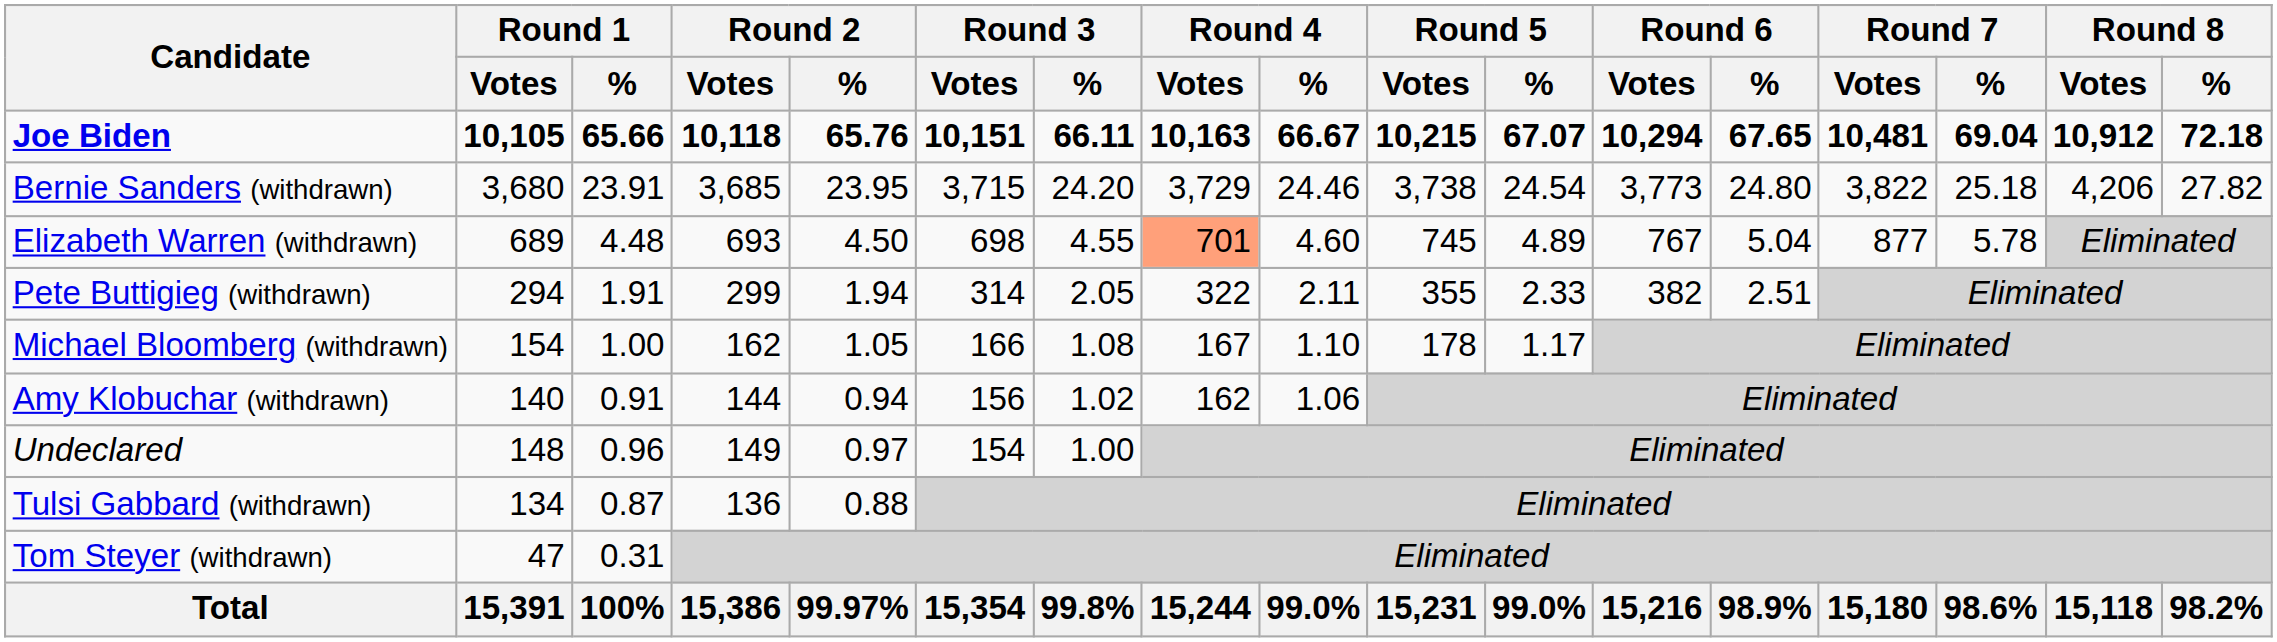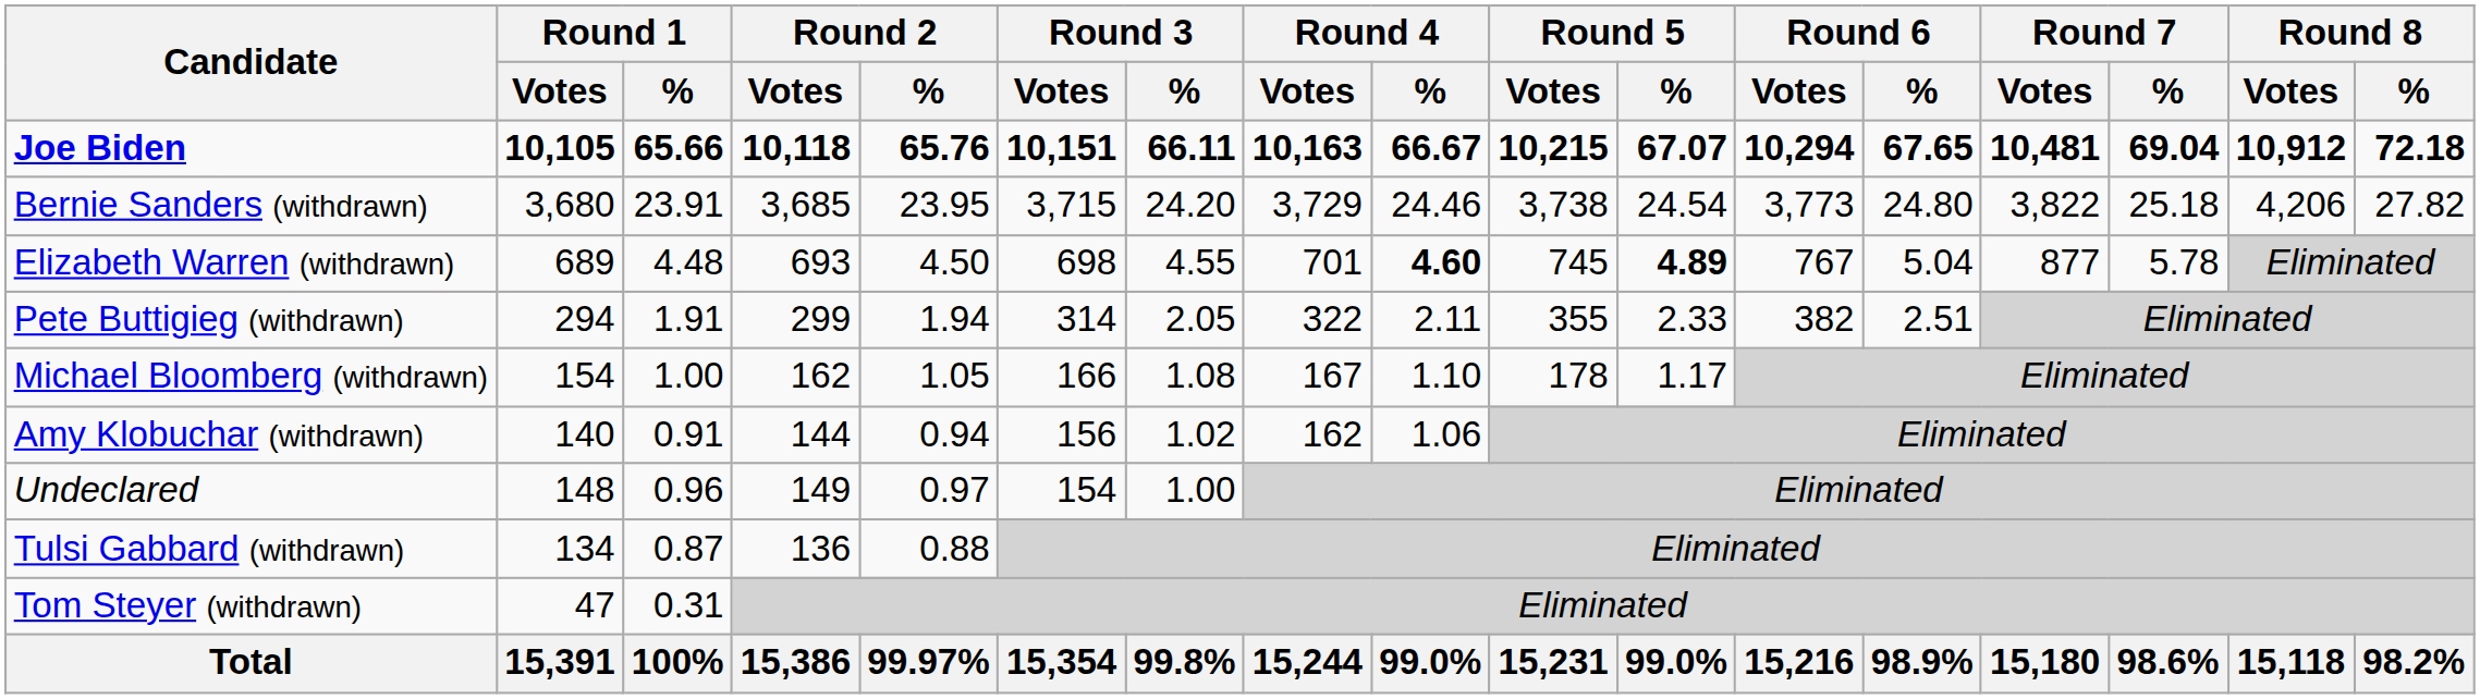 <table class="wikitable sortable" style="text-align:right;">
 <tr>
 <th rowspan="2">Candidate</th>
 <th colspan="2">Round 1</th>
 <th colspan="2">Round 2</th>
 <th colspan="2">Round 3</th>
 <th colspan="2">Round 4</th>
 <th colspan="2">Round 5</th>
 <th colspan="2">Round 6</th>
 <th colspan="2">Round 7</th>
 <th colspan="2">Round 8</th>
 </tr>
 <tr>
 <th>Votes</th>
 <th>%</th>
 <th>Votes</th>
 <th>%</th>
 <th>Votes</th>
 <th>%</th>
 <th>Votes</th>
 <th>%</th>
 <th>Votes</th>
 <th>%</th>
 <th>Votes</th>
 <th>%</th>
 <th>Votes</th>
 <th>%</th>
 <th>Votes</th>
 <th>%</th>
 </tr>
 <tr>
 <td style="text-align:left;" data-sort-value="Biden, Joe"><strong><a href='#'>Joe Biden</a></strong></td>
 <td><strong>10,105</strong></td>
 <td><strong>65.66</strong></td>
 <td><strong>10,118</strong></td>
 <td><strong>65.76</strong></td>
 <td><strong>10,151</strong></td>
 <td><strong>66.11</strong></td>
 <td><strong>10,163</strong></td>
 <td><strong>66.67</strong></td>
 <td><strong>10,215</strong></td>
 <td><strong>67.07</strong></td>
 <td><strong>10,294</strong></td>
 <td><strong>67.65</strong></td>
 <td><strong>10,481</strong></td>
 <td><strong>69.04</strong></td>
 <td><strong>10,912</strong></td>
 <td><strong>72.18</strong></td>
 </tr>
 <tr>
 <td style="text-align:left;" data-sort-value="Sanders, Bernie"><a href='#'>Bernie Sanders</a> <small>(withdrawn)</small></td>
 <td>3,680</td>
 <td>23.91</td>
 <td>3,685</td>
 <td>23.95</td>
 <td>3,715</td>
 <td>24.20</td>
 <td>3,729</td>
 <td>24.46</td>
 <td>3,738</td>
 <td>24.54</td>
 <td>3,773</td>
 <td>24.80</td>
 <td>3,822</td>
 <td>25.18</td>
 <td>4,206</td>
 <td>27.82</td>
 </tr>
 <tr>
 <td style="text-align:left;" data-sort-value="Warren, Elizabeth"><a href='#'>Elizabeth Warren</a> <small>(withdrawn)</small></td>
 <td>689</td>
 <td>4.48</td>
 <td>693</td>
 <td>4.50</td>
 <td>698</td>
 <td>4.55</td>
-<td style="background: lightsalmon;">701</td>
-<td>4.60</td>
+<td>701</td>
+<td><strong>4.60</strong></td>
 <td>745</td>
-<td>4.89</td>
+<td><strong>4.89</strong></td>
 <td>767</td>
 <td>5.04</td>
 <td>877</td>
 <td>5.78</td>
 <td colspan="2" bgcolor="lightgray" align="center"><em>Eliminated</em></td>
 </tr>
 <tr>
 <td style="text-align:left;" data-sort-value="Buttigieg, Pete"><a href='#'>Pete Buttigieg</a> <small>(withdrawn)</small></td>
 <td>294</td>
 <td>1.91</td>
 <td>299</td>
 <td>1.94</td>
 <td>314</td>
 <td>2.05</td>
 <td>322</td>
 <td>2.11</td>
 <td>355</td>
 <td>2.33</td>
 <td>382</td>
 <td>2.51</td>
 <td colspan="4" bgcolor="lightgray" align="center"><em>Eliminated</em></td>
 </tr>
 <tr>
 <td style="text-align:left;" data-sort-value="Bloomberg, Michael"><a href='#'>Michael Bloomberg</a> <small>(withdrawn)</small></td>
 <td>154</td>
 <td>1.00</td>
 <td>162</td>
 <td>1.05</td>
 <td>166</td>
 <td>1.08</td>
 <td>167</td>
 <td>1.10</td>
 <td>178</td>
 <td>1.17</td>
 <td colspan="6" bgcolor="lightgray" align="center"><em>Eliminated</em></td>
 </tr>
 <tr>
 <td style="text-align:left;" data-sort-value="Klobuchar, Amy"><a href='#'>Amy Klobuchar</a> <small>(withdrawn)</small></td>
 <td>140</td>
 <td>0.91</td>
 <td>144</td>
 <td>0.94</td>
 <td>156</td>
 <td>1.02</td>
 <td>162</td>
 <td>1.06</td>
 <td colspan="8" bgcolor="lightgray" align="center"><em>Eliminated</em></td>
 </tr>
 <tr>
 <td style="text-align:left;" data-sort-value="ZZ"><em>Undeclared</em></td>
 <td>148</td>
 <td>0.96</td>
 <td>149</td>
 <td>0.97</td>
 <td>154</td>
 <td>1.00</td>
 <td colspan="10" bgcolor="lightgray" align="center"><em>Eliminated</em></td>
 </tr>
 <tr>
 <td style="text-align:left;" data-sort-value="Gabbard, Tulsi"><a href='#'>Tulsi Gabbard</a> <small>(withdrawn)</small></td>
 <td>134</td>
 <td>0.87</td>
 <td>136</td>
 <td>0.88</td>
 <td colspan="12" bgcolor="lightgray" align="center"><em>Eliminated</em></td>
 </tr>
 <tr>
 <td style="text-align:left;" data-sort-value="Steyer, Tom"><a href='#'>Tom Steyer</a> <small>(withdrawn)</small></td>
 <td>47</td>
 <td>0.31</td>
 <td colspan="14" bgcolor="lightgray" align="center"><em>Eliminated</em></td>
 </tr>
 <tr>
 <th>Total</th>
 <th>15,391</th>
 <th>100%</th>
 <th>15,386</th>
 <th>99.97%</th>
 <th>15,354</th>
 <th>99.8%</th>
 <th>15,244</th>
 <th>99.0%</th>
 <th>15,231</th>
 <th>99.0%</th>
 <th>15,216</th>
 <th>98.9%</th>
 <th>15,180</th>
 <th>98.6%</th>
 <th>15,118</th>
 <th>98.2%</th>
 </tr>
 </table>
